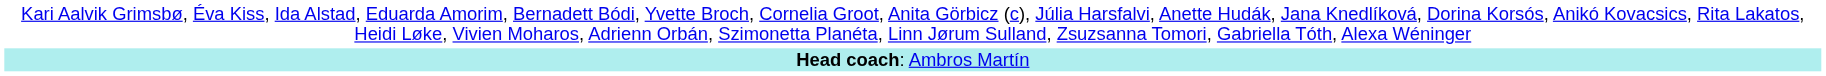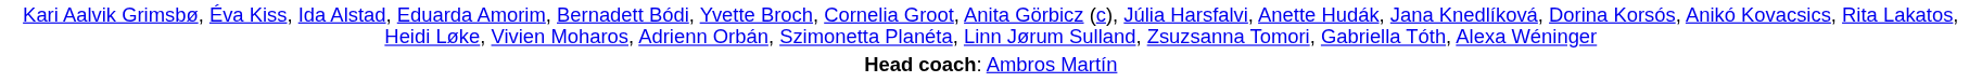 <table style="text-align: center; margin-top: 2em; margin-left: auto; margin-right: auto">
 <tr>
 <td><a href='#'>Kari Aalvik Grimsbø</a>, <a href='#'>Éva Kiss</a>, <a href='#'>Ida Alstad</a>, <a href='#'>Eduarda Amorim</a>, <a href='#'>Bernadett Bódi</a>, <a href='#'>Yvette Broch</a>, <a href='#'>Cornelia Groot</a>, <a href='#'>Anita Görbicz</a> (<a href='#'>c</a>), <a href='#'>Júlia Harsfalvi</a>, <a href='#'>Anette Hudák</a>, <a href='#'>Jana Knedlíková</a>, <a href='#'>Dorina Korsós</a>, <a href='#'>Anikó Kovacsics</a>, <a href='#'>Rita Lakatos</a>, <a href='#'>Heidi Løke</a>, <a href='#'>Vivien Moharos</a>, <a href='#'>Adrienn Orbán</a>, <a href='#'>Szimonetta Planéta</a>, <a href='#'>Linn Jørum Sulland</a>, <a href='#'>Zsuzsanna Tomori</a>, <a href='#'>Gabriella Tóth</a>, <a href='#'>Alexa Wéninger</a></td>
 </tr>
 <tr>
-<td style="background: paleturquoise;"><strong>Head coach</strong>: <a href='#'>Ambros Martín</a></td>
+<td><strong>Head coach</strong>: <a href='#'>Ambros Martín</a></td>
 </tr>
 </table>
